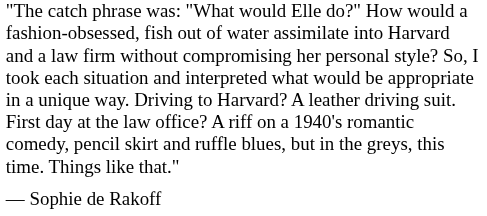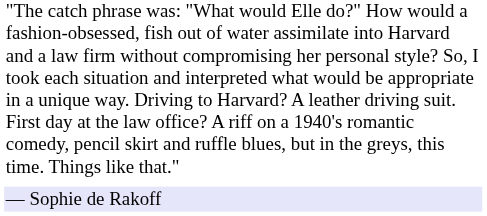 <table class="toccolours" style="float: right; margin-left: 1em; margin-right: 2em; font-size: 85%; width:30em; max-width: 40%;" cellspacing="5">
 <tr>
 <td style="text-align: left;">"The catch phrase was: "What would Elle do?" How would a fashion-obsessed, fish out of water assimilate into Harvard and a law firm without compromising her personal style? So, I took each situation and interpreted what would be appropriate in a unique way. Driving to Harvard? A leather driving suit. First day at the law office? A riff on a 1940's romantic comedy, pencil skirt and ruffle blues, but in the greys, this time. Things like that."</td>
 </tr>
 <tr>
-<td style="text-align: left;">— Sophie de Rakoff</td>
+<td style="background: lavender; text-align: left;">— Sophie de Rakoff</td>
 </tr>
 </table>
